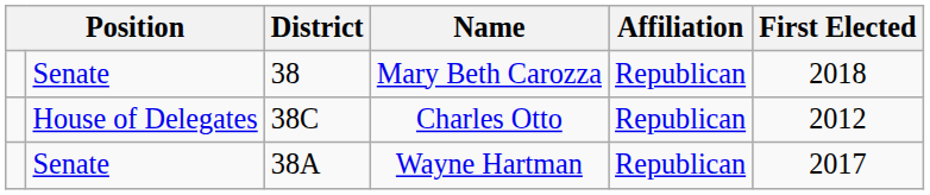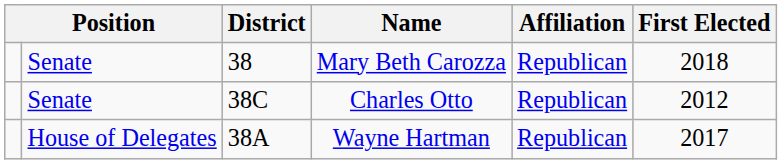 <table class="wikitable">
 <tr>
 <th colspan="2" style="text-align:center; vertical-align:bottom;">Position</th>
 <th>District</th>
 <th style="text-align:center;">Name</th>
 <th valign="bottom">Affiliation</th>
 <th style="vertical-align:bottom; text-align:center;">First Elected</th>
 </tr>
 <tr>
 <td style="background-color:"> </td>
 <td><a href='#'>Senate</a></td>
 <td>38</td>
 <td style="text-align:center;"><a href='#'>Mary Beth Carozza</a></td>
 <td style="text-align:center;"><a href='#'>Republican</a></td>
 <td style="text-align:center;">2018</td>
 </tr>
 <tr>
 <td style="background-color:"> </td>
-<td><a href='#'>House of Delegates</a></td>
+<td><a href='#'>Senate</a></td>
 <td>38C</td>
 <td style="text-align:center;"><a href='#'>Charles Otto</a></td>
 <td style="text-align:center;"><a href='#'>Republican</a></td>
 <td style="text-align:center;">2012</td>
 </tr>
 <tr>
 <td style="background-color:"> </td>
-<td><a href='#'>Senate</a></td>
+<td><a href='#'>House of Delegates</a></td>
 <td>38A</td>
 <td style="text-align:center;"><a href='#'>Wayne Hartman</a></td>
 <td style="text-align:center;"><a href='#'>Republican</a></td>
 <td style="text-align:center;">2017</td>
 </tr>
 </table>
